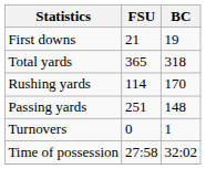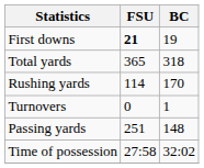 <table class="wikitable">
 <tr>
 <th>Statistics</th>
 <th>FSU</th>
 <th>BC</th>
 </tr>
 <tr>
 <td>First downs</td>
-<td>21</td>
+<td><strong>21</strong></td>
 <td>19</td>
 </tr>
 <tr>
 <td>Total yards</td>
 <td>365</td>
 <td>318</td>
 </tr>
 <tr>
 <td>Rushing yards</td>
 <td>114</td>
 <td>170</td>
 </tr>
 <tr>
+<td>Turnovers</td>
+<td>0</td>
+<td>1</td>
+</tr>
+<tr>
 <td>Passing yards</td>
 <td>251</td>
 <td>148</td>
-</tr>
-<tr>
-<td>Turnovers</td>
-<td>0</td>
-<td>1</td>
 </tr>
 <tr>
 <td>Time of possession</td>
 <td>27:58</td>
 <td>32:02</td>
 </tr>
 <tr>
 </tr>
 </table>
